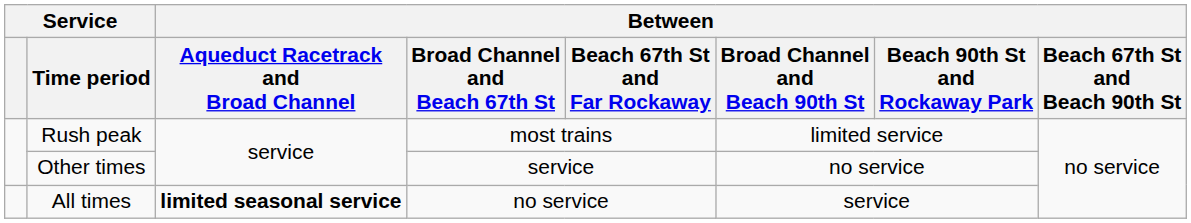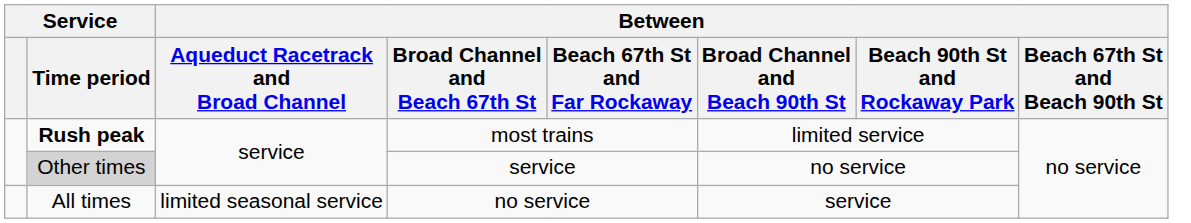 <table class="wikitable">
 <tr>
 <th colspan=2>Service</th>
 <th colspan="6">Between</th>
 </tr>
 <tr style="text-align: center;">
 <th width=10> </th>
 <th>Time period</th>
 <th><a href='#'>Aqueduct Racetrack</a><br>and<br><a href='#'>Broad Channel</a></th>
 <th>Broad Channel<br>and<br><a href='#'>Beach 67th St</a></th>
 <th>Beach 67th St<br>and<br><a href='#'>Far Rockaway</a></th>
 <th>Broad Channel<br>and<br><a href='#'>Beach 90th St</a></th>
 <th>Beach 90th St<br>and<br><a href='#'>Rockaway Park</a></th>
 <th>Beach 67th St<br>and<br>Beach 90th St</th>
 </tr>
 <tr style="text-align: center;">
 <td rowspan=2></td>
-<td>Rush peak</td>
+<td><strong>Rush peak</strong></td>
 <td rowspan="2">service</td>
 <td colspan="2">most trains</td>
 <td colspan="2">limited service</td>
 <td rowspan="3">no service</td>
 </tr>
 <tr style="text-align: center;">
-<td>Other times</td>
+<td style="background: lightgrey;">Other times</td>
 <td colspan="2">service</td>
 <td colspan="2">no service</td>
 </tr>
 <tr style="text-align: center;">
 <td></td>
 <td>All times</td>
-<td colspan="1"><strong>limited seasonal service</strong></td>
+<td colspan="1">limited seasonal service</td>
 <td colspan="2">no service</td>
 <td colspan="2">service</td>
 </tr>
 </table>
